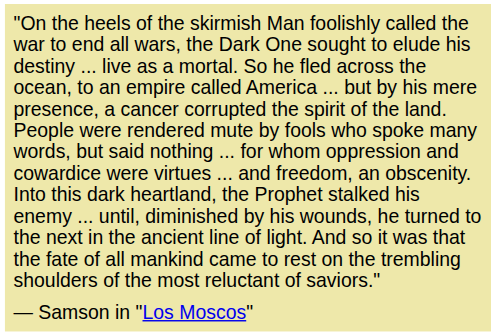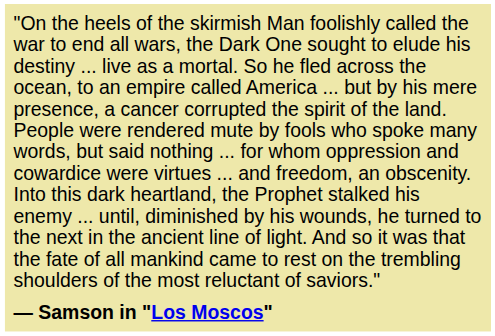 <table class="toccolours" style="float: right; font-size: 85%; margin-left: 1em; background:palegoldenrod; color:black; width:25em; max-width: 40%;" cellspacing="5">
 <tr>
 <td style="text-align: left;">"On the heels of the skirmish Man foolishly called the war to end all wars, the Dark One sought to elude his destiny ... live as a mortal. So he fled across the ocean, to an empire called America ... but by his mere presence, a cancer corrupted the spirit of the land. People were rendered mute by fools who spoke many words, but said nothing ... for whom oppression and cowardice were virtues ... and freedom, an obscenity. Into this dark heartland, the Prophet stalked his enemy ... until, diminished by his wounds, he turned to the next in the ancient line of light. And so it was that the fate of all mankind came to rest on the trembling shoulders of the most reluctant of saviors."</td>
 </tr>
 <tr>
-<td style="text-align: left;">— Samson in "<a href='#'>Los Moscos</a>"</td>
+<td style="text-align: left;"><strong>— Samson in "<a href='#'>Los Moscos</a>"</strong></td>
 </tr>
 </table>
